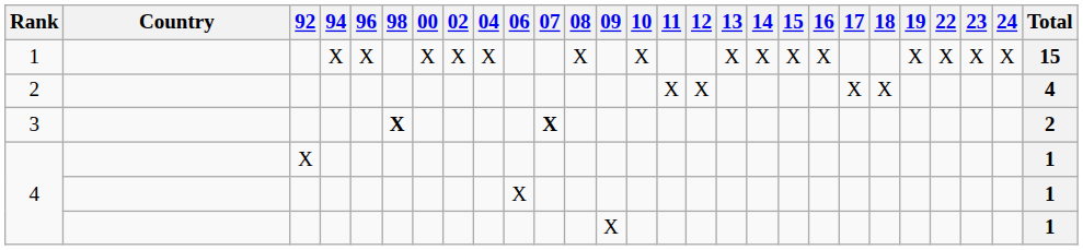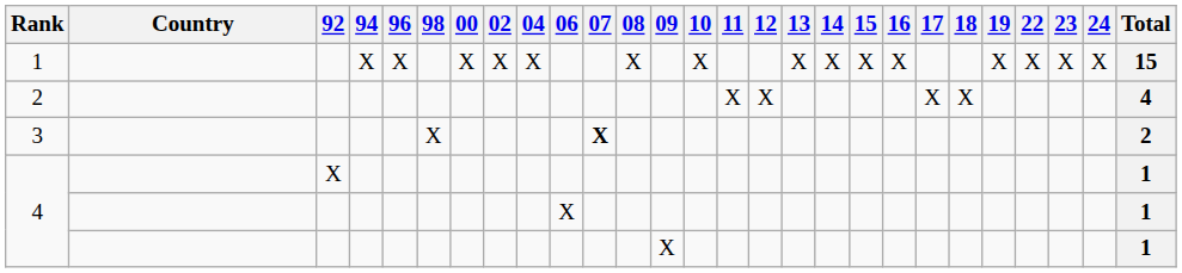 <table class=wikitable style="font-size:90%; text-align:center">
 <tr>
 <th>Rank</th>
 <th width=150>Country</th>
 <th><a href='#'>92</a></th>
 <th><a href='#'>94</a></th>
 <th><a href='#'>96</a></th>
 <th><a href='#'>98</a></th>
 <th><a href='#'>00</a></th>
 <th><a href='#'>02</a></th>
 <th><a href='#'>04</a></th>
 <th><a href='#'>06</a></th>
 <th><a href='#'>07</a></th>
 <th><a href='#'>08</a></th>
 <th><a href='#'>09</a></th>
 <th><a href='#'>10</a></th>
 <th><a href='#'>11</a></th>
 <th><a href='#'>12</a></th>
 <th><a href='#'>13</a></th>
 <th><a href='#'>14</a></th>
 <th><a href='#'>15</a></th>
 <th><a href='#'>16</a></th>
 <th><a href='#'>17</a></th>
 <th><a href='#'>18</a></th>
 <th><a href='#'>19</a></th>
 <th><a href='#'>22</a></th>
 <th><a href='#'>23</a></th>
 <th><a href='#'>24</a></th>
 <th>Total</th>
 </tr>
 <tr>
 <td>1</td>
 <td align=left></td>
 <td></td>
 <td>X</td>
 <td>X</td>
 <td></td>
 <td>X</td>
 <td>X</td>
 <td>X</td>
 <td></td>
 <td></td>
 <td>X</td>
 <td></td>
 <td>X</td>
 <td></td>
 <td></td>
 <td>X</td>
 <td>X</td>
 <td>X</td>
 <td>X</td>
 <td></td>
 <td></td>
 <td>X</td>
 <td>X</td>
 <td>X</td>
 <td>X</td>
 <th>15</th>
 </tr>
 <tr>
 <td rowspan=1>2</td>
 <td align=left></td>
 <td></td>
 <td></td>
 <td></td>
 <td></td>
 <td></td>
 <td></td>
 <td></td>
 <td></td>
 <td></td>
 <td></td>
 <td></td>
 <td></td>
 <td>X</td>
 <td>X</td>
 <td></td>
 <td></td>
 <td></td>
 <td></td>
 <td>X</td>
 <td>X</td>
 <td></td>
 <td></td>
 <td></td>
 <td></td>
 <th>4</th>
 </tr>
 <tr>
 <td rowspan=1>3</td>
 <td align=left></td>
 <td></td>
 <td></td>
 <td></td>
-<td><strong>X</strong></td>
+<td>X</td>
 <td></td>
 <td></td>
 <td></td>
 <td></td>
 <td><strong>X</strong></td>
 <td></td>
 <td></td>
 <td></td>
 <td></td>
 <td></td>
 <td></td>
 <td></td>
 <td></td>
 <td></td>
 <td></td>
 <td></td>
 <td></td>
 <td></td>
 <td></td>
 <td></td>
 <th>2</th>
 </tr>
 <tr>
 <td rowspan=3>4</td>
 <td align=left></td>
 <td>X</td>
 <td></td>
 <td></td>
 <td></td>
 <td></td>
 <td></td>
 <td></td>
 <td></td>
 <td></td>
 <td></td>
 <td></td>
 <td></td>
 <td></td>
 <td></td>
 <td></td>
 <td></td>
 <td></td>
 <td></td>
 <td></td>
 <td></td>
 <td></td>
 <td></td>
 <td></td>
 <td></td>
 <th>1</th>
 </tr>
 <tr>
 <td align=left></td>
 <td></td>
 <td></td>
 <td></td>
 <td></td>
 <td></td>
 <td></td>
 <td></td>
 <td>X</td>
 <td></td>
 <td></td>
 <td></td>
 <td></td>
 <td></td>
 <td></td>
 <td></td>
 <td></td>
 <td></td>
 <td></td>
 <td></td>
 <td></td>
 <td></td>
 <td></td>
 <td></td>
 <td></td>
 <th>1</th>
 </tr>
 <tr>
 <td align=left></td>
 <td></td>
 <td></td>
 <td></td>
 <td></td>
 <td></td>
 <td></td>
 <td></td>
 <td></td>
 <td></td>
 <td></td>
 <td>X</td>
 <td></td>
 <td></td>
 <td></td>
 <td></td>
 <td></td>
 <td></td>
 <td></td>
 <td></td>
 <td></td>
 <td></td>
 <td></td>
 <td></td>
 <td></td>
 <th>1</th>
 </tr>
 </table>
